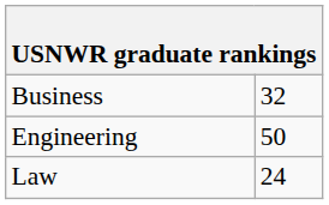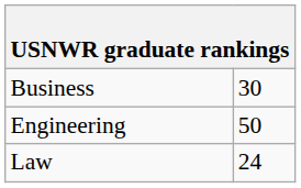 <table class="wikitable sortable collapsible collapsed floatright" "text-align:center">
 <tr>
 <th colspan=2><br>USNWR graduate rankings</th>
 </tr>
 <tr>
 <td>Business</td>
-<td>32</td>
+<td>30</td>
 </tr>
 <tr>
 <td>Engineering</td>
 <td>50</td>
 </tr>
 <tr>
 <td>Law</td>
 <td>24</td>
 </tr>
 </table>
